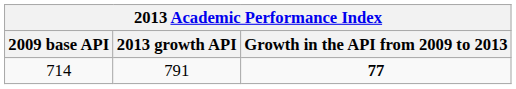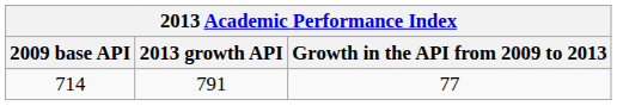 <table class="wikitable" style="text-align:center">
 <tr>
 <th colspan="3">2013 <a href='#'>Academic Performance Index</a></th>
 </tr>
 <tr>
 <th>2009 base API </th>
 <th>2013 growth API </th>
 <th>Growth in the API from 2009 to 2013</th>
 </tr>
 <tr>
 <td>714</td>
 <td>791</td>
-<td><strong>77</strong></td>
+<td>77</td>
 </tr>
 </table>
